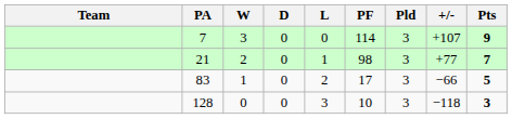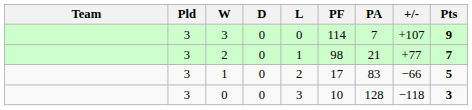 <table class="wikitable" style="text-align: center;">
 <tr>
 <th width="200">Team</th>
-<th width="40">PA</th>
+<th width="40">Pld</th>
 <th width="40">W</th>
 <th width="40">D</th>
 <th width="40">L</th>
 <th width="40">PF</th>
-<th width="40">Pld</th>
+<th width="40">PA</th>
 <th width="40">+/-</th>
 <th width="40">Pts</th>
 </tr>
 <tr bgcolor=ccffcc>
 <td align=left></td>
-<td>7</td>
+<td>3</td>
 <td>3</td>
 <td>0</td>
 <td>0</td>
 <td>114</td>
-<td>3</td>
+<td>7</td>
 <td>+107</td>
 <td><strong>9</strong></td>
 </tr>
 <tr bgcolor=ccffcc>
 <td align=left></td>
-<td>21</td>
+<td>3</td>
 <td>2</td>
 <td>0</td>
 <td>1</td>
 <td>98</td>
-<td>3</td>
+<td>21</td>
 <td>+77</td>
 <td><strong>7</strong></td>
 </tr>
 <tr>
 <td align=left></td>
-<td>83</td>
+<td>3</td>
 <td>1</td>
 <td>0</td>
 <td>2</td>
 <td>17</td>
-<td>3</td>
+<td>83</td>
 <td>−66</td>
 <td><strong>5</strong></td>
 </tr>
 <tr>
 <td align=left></td>
-<td>128</td>
+<td>3</td>
 <td>0</td>
 <td>0</td>
 <td>3</td>
 <td>10</td>
-<td>3</td>
+<td>128</td>
 <td>−118</td>
 <td><strong>3</strong></td>
 </tr>
 </table>
